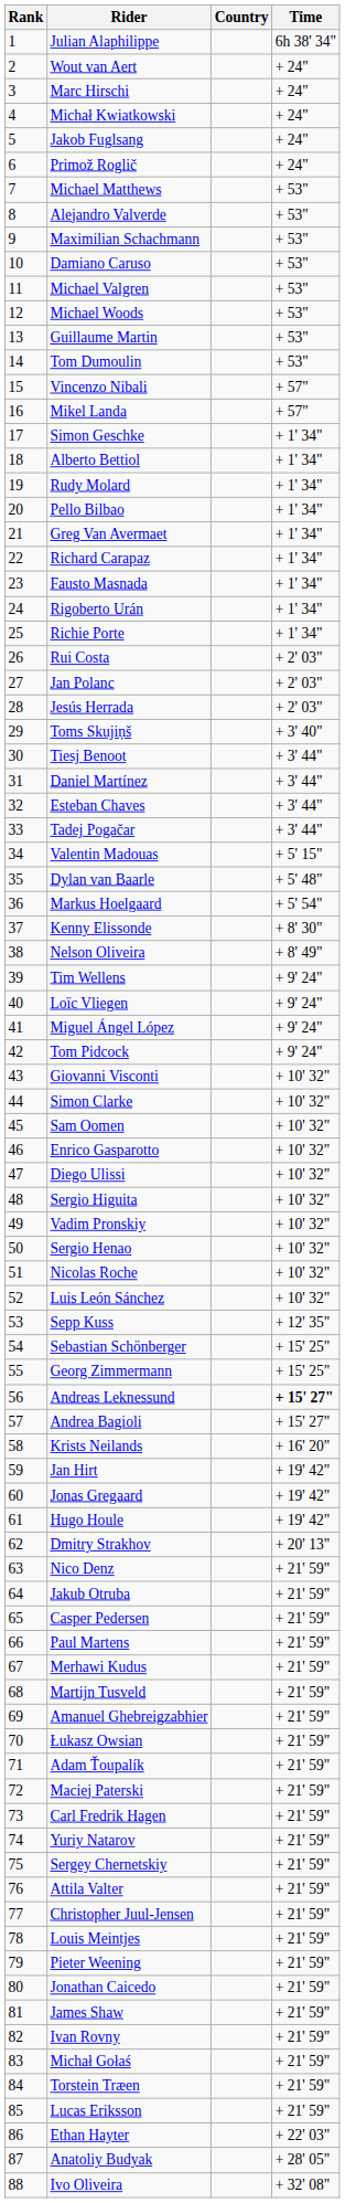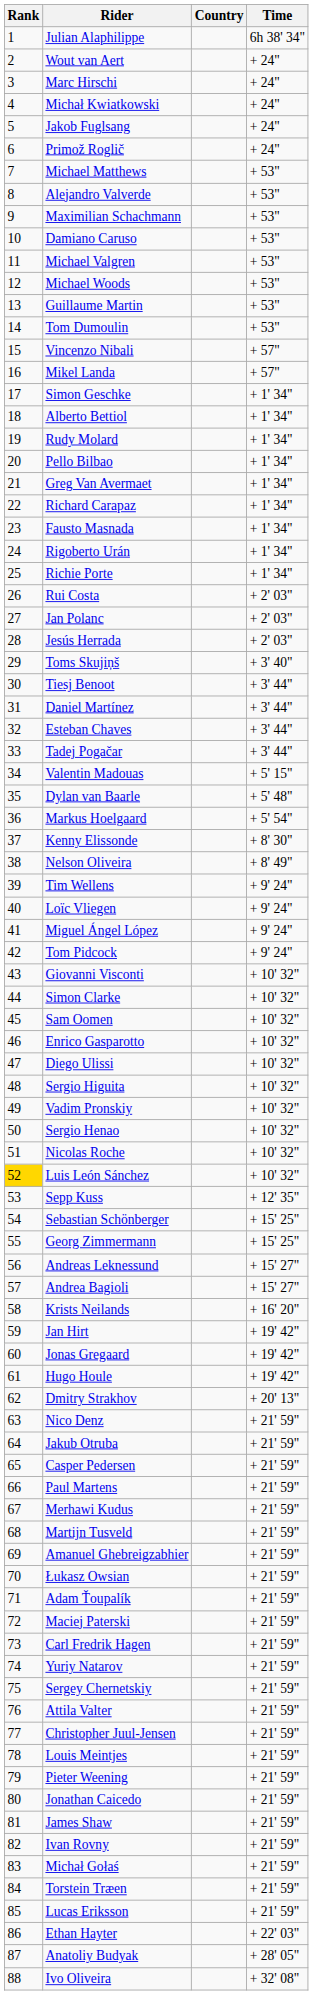 <table class="wikitable sortable" style="font-size:95%; text-align:left;">
 <tr>
 <th>Rank</th>
 <th>Rider</th>
 <th>Country</th>
 <th>Time</th>
 </tr>
 <tr>
 <td>1</td>
 <td><a href='#'>Julian Alaphilippe</a></td>
 <td></td>
 <td>6h 38' 34"</td>
 </tr>
 <tr>
 <td>2</td>
 <td><a href='#'>Wout van Aert</a></td>
 <td></td>
 <td>+ 24"</td>
 </tr>
 <tr>
 <td>3</td>
 <td><a href='#'>Marc Hirschi</a></td>
 <td></td>
 <td>+ 24"</td>
 </tr>
 <tr>
 <td>4</td>
 <td><a href='#'>Michał Kwiatkowski</a></td>
 <td></td>
 <td>+ 24"</td>
 </tr>
 <tr>
 <td>5</td>
 <td><a href='#'>Jakob Fuglsang</a></td>
 <td></td>
 <td>+ 24"</td>
 </tr>
 <tr>
 <td>6</td>
 <td><a href='#'>Primož Roglič</a></td>
 <td></td>
 <td>+ 24"</td>
 </tr>
 <tr>
 <td>7</td>
 <td><a href='#'>Michael Matthews</a></td>
 <td></td>
 <td>+ 53"</td>
 </tr>
 <tr>
 <td>8</td>
 <td><a href='#'>Alejandro Valverde</a></td>
 <td></td>
 <td>+ 53"</td>
 </tr>
 <tr>
 <td>9</td>
 <td><a href='#'>Maximilian Schachmann</a></td>
 <td></td>
 <td>+ 53"</td>
 </tr>
 <tr>
 <td>10</td>
 <td><a href='#'>Damiano Caruso</a></td>
 <td></td>
 <td>+ 53"</td>
 </tr>
 <tr>
 <td>11</td>
 <td><a href='#'>Michael Valgren</a></td>
 <td></td>
 <td>+ 53"</td>
 </tr>
 <tr>
 <td>12</td>
 <td><a href='#'>Michael Woods</a></td>
 <td></td>
 <td>+ 53"</td>
 </tr>
 <tr>
 <td>13</td>
 <td><a href='#'>Guillaume Martin</a></td>
 <td></td>
 <td>+ 53"</td>
 </tr>
 <tr>
 <td>14</td>
 <td><a href='#'>Tom Dumoulin</a></td>
 <td></td>
 <td>+ 53"</td>
 </tr>
 <tr>
 <td>15</td>
 <td><a href='#'>Vincenzo Nibali</a></td>
 <td></td>
 <td>+ 57"</td>
 </tr>
 <tr>
 <td>16</td>
 <td><a href='#'>Mikel Landa</a></td>
 <td></td>
 <td>+ 57"</td>
 </tr>
 <tr>
 <td>17</td>
 <td><a href='#'>Simon Geschke</a></td>
 <td></td>
 <td>+ 1' 34"</td>
 </tr>
 <tr>
 <td>18</td>
 <td><a href='#'>Alberto Bettiol</a></td>
 <td></td>
 <td>+ 1' 34"</td>
 </tr>
 <tr>
 <td>19</td>
 <td><a href='#'>Rudy Molard</a></td>
 <td></td>
 <td>+ 1' 34"</td>
 </tr>
 <tr>
 <td>20</td>
 <td><a href='#'>Pello Bilbao</a></td>
 <td></td>
 <td>+ 1' 34"</td>
 </tr>
 <tr>
 <td>21</td>
 <td><a href='#'>Greg Van Avermaet</a></td>
 <td></td>
 <td>+ 1' 34"</td>
 </tr>
 <tr>
 <td>22</td>
 <td><a href='#'>Richard Carapaz</a></td>
 <td></td>
 <td>+ 1' 34"</td>
 </tr>
 <tr>
 <td>23</td>
 <td><a href='#'>Fausto Masnada</a></td>
 <td></td>
 <td>+ 1' 34"</td>
 </tr>
 <tr>
 <td>24</td>
 <td><a href='#'>Rigoberto Urán</a></td>
 <td></td>
 <td>+ 1' 34"</td>
 </tr>
 <tr>
 <td>25</td>
 <td><a href='#'>Richie Porte</a></td>
 <td></td>
 <td>+ 1' 34"</td>
 </tr>
 <tr>
 <td>26</td>
 <td><a href='#'>Rui Costa</a></td>
 <td></td>
 <td>+ 2' 03"</td>
 </tr>
 <tr>
 <td>27</td>
 <td><a href='#'>Jan Polanc</a></td>
 <td></td>
 <td>+ 2' 03"</td>
 </tr>
 <tr>
 <td>28</td>
 <td><a href='#'>Jesús Herrada</a></td>
 <td></td>
 <td>+ 2' 03"</td>
 </tr>
 <tr>
 <td>29</td>
 <td><a href='#'>Toms Skujiņš</a></td>
 <td></td>
 <td>+ 3' 40"</td>
 </tr>
 <tr>
 <td>30</td>
 <td><a href='#'>Tiesj Benoot</a></td>
 <td></td>
 <td>+ 3' 44"</td>
 </tr>
 <tr>
 <td>31</td>
 <td><a href='#'>Daniel Martínez</a></td>
 <td></td>
 <td>+ 3' 44"</td>
 </tr>
 <tr>
 <td>32</td>
 <td><a href='#'>Esteban Chaves</a></td>
 <td></td>
 <td>+ 3' 44"</td>
 </tr>
 <tr>
 <td>33</td>
 <td><a href='#'>Tadej Pogačar</a></td>
 <td></td>
 <td>+ 3' 44"</td>
 </tr>
 <tr>
 <td>34</td>
 <td><a href='#'>Valentin Madouas</a></td>
 <td></td>
 <td>+ 5' 15"</td>
 </tr>
 <tr>
 <td>35</td>
 <td><a href='#'>Dylan van Baarle</a></td>
 <td></td>
 <td>+ 5' 48"</td>
 </tr>
 <tr>
 <td>36</td>
 <td><a href='#'>Markus Hoelgaard</a></td>
 <td></td>
 <td>+ 5' 54"</td>
 </tr>
 <tr>
 <td>37</td>
 <td><a href='#'>Kenny Elissonde</a></td>
 <td></td>
 <td>+ 8' 30"</td>
 </tr>
 <tr>
 <td>38</td>
 <td><a href='#'>Nelson Oliveira</a></td>
 <td></td>
 <td>+ 8' 49"</td>
 </tr>
 <tr>
 <td>39</td>
 <td><a href='#'>Tim Wellens</a></td>
 <td></td>
 <td>+ 9' 24"</td>
 </tr>
 <tr>
 <td>40</td>
 <td><a href='#'>Loïc Vliegen</a></td>
 <td></td>
 <td>+ 9' 24"</td>
 </tr>
 <tr>
 <td>41</td>
 <td><a href='#'>Miguel Ángel López</a></td>
 <td></td>
 <td>+ 9' 24"</td>
 </tr>
 <tr>
 <td>42</td>
 <td><a href='#'>Tom Pidcock</a></td>
 <td></td>
 <td>+ 9' 24"</td>
 </tr>
 <tr>
 <td>43</td>
 <td><a href='#'>Giovanni Visconti</a></td>
 <td></td>
 <td>+ 10' 32"</td>
 </tr>
 <tr>
 <td>44</td>
 <td><a href='#'>Simon Clarke</a></td>
 <td></td>
 <td>+ 10' 32"</td>
 </tr>
 <tr>
 <td>45</td>
 <td><a href='#'>Sam Oomen</a></td>
 <td></td>
 <td>+ 10' 32"</td>
 </tr>
 <tr>
 <td>46</td>
 <td><a href='#'>Enrico Gasparotto</a></td>
 <td></td>
 <td>+ 10' 32"</td>
 </tr>
 <tr>
 <td>47</td>
 <td><a href='#'>Diego Ulissi</a></td>
 <td></td>
 <td>+ 10' 32"</td>
 </tr>
 <tr>
 <td>48</td>
 <td><a href='#'>Sergio Higuita</a></td>
 <td></td>
 <td>+ 10' 32"</td>
 </tr>
 <tr>
 <td>49</td>
 <td><a href='#'>Vadim Pronskiy</a></td>
 <td></td>
 <td>+ 10' 32"</td>
 </tr>
 <tr>
 <td>50</td>
 <td><a href='#'>Sergio Henao</a></td>
 <td></td>
 <td>+ 10' 32"</td>
 </tr>
 <tr>
 <td>51</td>
 <td><a href='#'>Nicolas Roche</a></td>
 <td></td>
 <td>+ 10' 32"</td>
 </tr>
 <tr>
-<td>52</td>
+<td style="background: gold;">52</td>
 <td><a href='#'>Luis León Sánchez</a></td>
 <td></td>
 <td>+ 10' 32"</td>
 </tr>
 <tr>
 <td>53</td>
 <td><a href='#'>Sepp Kuss</a></td>
 <td></td>
 <td>+ 12' 35"</td>
 </tr>
 <tr>
 <td>54</td>
 <td><a href='#'>Sebastian Schönberger</a></td>
 <td></td>
 <td>+ 15' 25"</td>
 </tr>
 <tr>
 <td>55</td>
 <td><a href='#'>Georg Zimmermann</a></td>
 <td></td>
 <td>+ 15' 25"</td>
 </tr>
 <tr>
 <td>56</td>
 <td><a href='#'>Andreas Leknessund</a></td>
 <td></td>
-<td><strong>+ 15' 27"</strong></td>
+<td>+ 15' 27"</td>
 </tr>
 <tr>
 <td>57</td>
 <td><a href='#'>Andrea Bagioli</a></td>
 <td></td>
 <td>+ 15' 27"</td>
 </tr>
 <tr>
 <td>58</td>
 <td><a href='#'>Krists Neilands</a></td>
 <td></td>
 <td>+ 16' 20"</td>
 </tr>
 <tr>
 <td>59</td>
 <td><a href='#'>Jan Hirt</a></td>
 <td></td>
 <td>+ 19' 42"</td>
 </tr>
 <tr>
 <td>60</td>
 <td><a href='#'>Jonas Gregaard</a></td>
 <td></td>
 <td>+ 19' 42"</td>
 </tr>
 <tr>
 <td>61</td>
 <td><a href='#'>Hugo Houle</a></td>
 <td></td>
 <td>+ 19' 42"</td>
 </tr>
 <tr>
 <td>62</td>
 <td><a href='#'>Dmitry Strakhov</a></td>
 <td></td>
 <td>+ 20' 13"</td>
 </tr>
 <tr>
 <td>63</td>
 <td><a href='#'>Nico Denz</a></td>
 <td></td>
 <td>+ 21' 59"</td>
 </tr>
 <tr>
 <td>64</td>
 <td><a href='#'>Jakub Otruba</a></td>
 <td></td>
 <td>+ 21' 59"</td>
 </tr>
 <tr>
 <td>65</td>
 <td><a href='#'>Casper Pedersen</a></td>
 <td></td>
 <td>+ 21' 59"</td>
 </tr>
 <tr>
 <td>66</td>
 <td><a href='#'>Paul Martens</a></td>
 <td></td>
 <td>+ 21' 59"</td>
 </tr>
 <tr>
 <td>67</td>
 <td><a href='#'>Merhawi Kudus</a></td>
 <td></td>
 <td>+ 21' 59"</td>
 </tr>
 <tr>
 <td>68</td>
 <td><a href='#'>Martijn Tusveld</a></td>
 <td></td>
 <td>+ 21' 59"</td>
 </tr>
 <tr>
 <td>69</td>
 <td><a href='#'>Amanuel Ghebreigzabhier</a></td>
 <td></td>
 <td>+ 21' 59"</td>
 </tr>
 <tr>
 <td>70</td>
 <td><a href='#'>Łukasz Owsian</a></td>
 <td></td>
 <td>+ 21' 59"</td>
 </tr>
 <tr>
 <td>71</td>
 <td><a href='#'>Adam Ťoupalík</a></td>
 <td></td>
 <td>+ 21' 59"</td>
 </tr>
 <tr>
 <td>72</td>
 <td><a href='#'>Maciej Paterski</a></td>
 <td></td>
 <td>+ 21' 59"</td>
 </tr>
 <tr>
 <td>73</td>
 <td><a href='#'>Carl Fredrik Hagen</a></td>
 <td></td>
 <td>+ 21' 59"</td>
 </tr>
 <tr>
 <td>74</td>
 <td><a href='#'>Yuriy Natarov</a></td>
 <td></td>
 <td>+ 21' 59"</td>
 </tr>
 <tr>
 <td>75</td>
 <td><a href='#'>Sergey Chernetskiy</a></td>
 <td></td>
 <td>+ 21' 59"</td>
 </tr>
 <tr>
 <td>76</td>
 <td><a href='#'>Attila Valter</a></td>
 <td></td>
 <td>+ 21' 59"</td>
 </tr>
 <tr>
 <td>77</td>
 <td><a href='#'>Christopher Juul-Jensen</a></td>
 <td></td>
 <td>+ 21' 59"</td>
 </tr>
 <tr>
 <td>78</td>
 <td><a href='#'>Louis Meintjes</a></td>
 <td></td>
 <td>+ 21' 59"</td>
 </tr>
 <tr>
 <td>79</td>
 <td><a href='#'>Pieter Weening</a></td>
 <td></td>
 <td>+ 21' 59"</td>
 </tr>
 <tr>
 <td>80</td>
 <td><a href='#'>Jonathan Caicedo</a></td>
 <td></td>
 <td>+ 21' 59"</td>
 </tr>
 <tr>
 <td>81</td>
 <td><a href='#'>James Shaw</a></td>
 <td></td>
 <td>+ 21' 59"</td>
 </tr>
 <tr>
 <td>82</td>
 <td><a href='#'>Ivan Rovny</a></td>
 <td></td>
 <td>+ 21' 59"</td>
 </tr>
 <tr>
 <td>83</td>
 <td><a href='#'>Michał Gołaś</a></td>
 <td></td>
 <td>+ 21' 59"</td>
 </tr>
 <tr>
 <td>84</td>
 <td><a href='#'>Torstein Træen</a></td>
 <td></td>
 <td>+ 21' 59"</td>
 </tr>
 <tr>
 <td>85</td>
 <td><a href='#'>Lucas Eriksson</a></td>
 <td></td>
 <td>+ 21' 59"</td>
 </tr>
 <tr>
 <td>86</td>
 <td><a href='#'>Ethan Hayter</a></td>
 <td></td>
 <td>+ 22' 03"</td>
 </tr>
 <tr>
 <td>87</td>
 <td><a href='#'>Anatoliy Budyak</a></td>
 <td></td>
 <td>+ 28' 05"</td>
 </tr>
 <tr>
 <td>88</td>
 <td><a href='#'>Ivo Oliveira</a></td>
 <td></td>
 <td>+ 32' 08"</td>
 </tr>
 </table>
